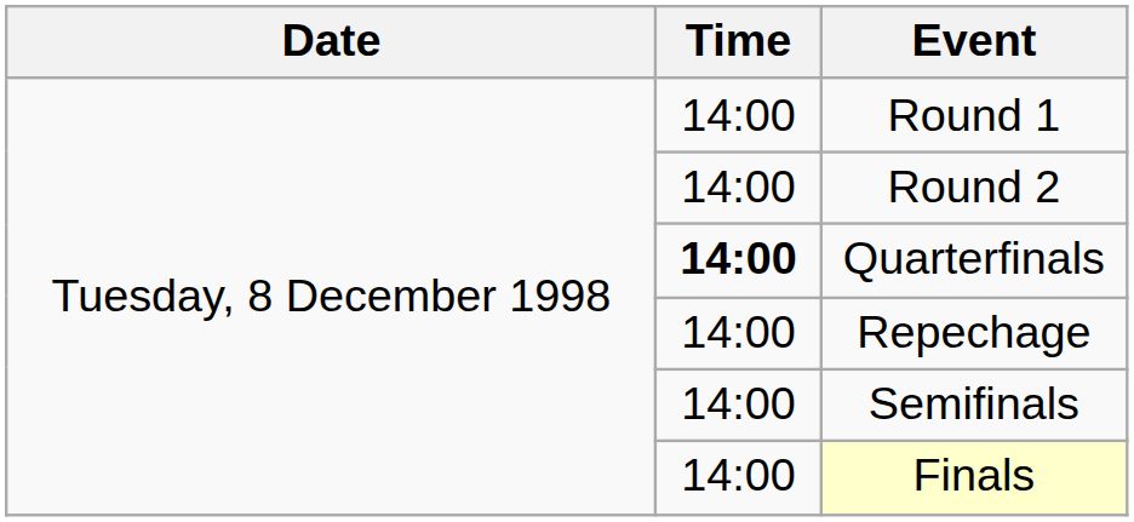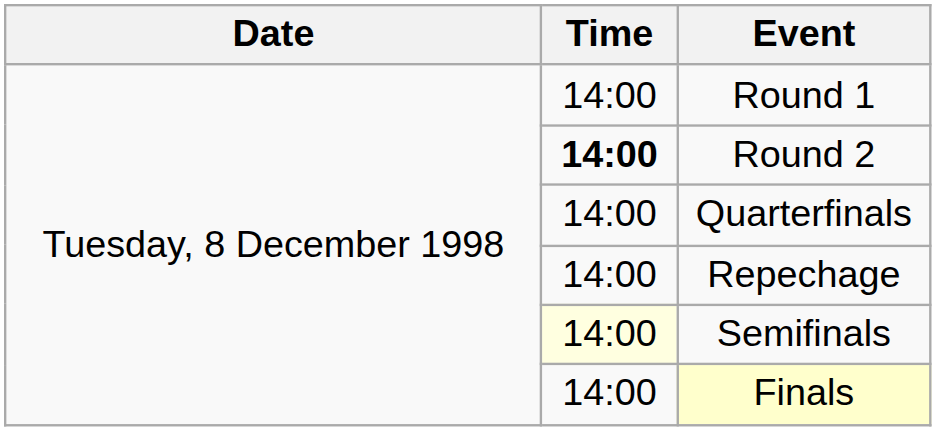 <table class = "wikitable" style="text-align:center;">
 <tr>
 <th width=220>Date</th>
 <th width=50>Time</th>
 <th width=100>Event</th>
 </tr>
 <tr>
 <td rowspan=6>Tuesday, 8 December 1998</td>
 <td>14:00</td>
 <td>Round 1</td>
 </tr>
 <tr>
-<td>14:00</td>
+<td><strong>14:00</strong></td>
 <td>Round 2</td>
 </tr>
 <tr>
-<td><strong>14:00</strong></td>
+<td>14:00</td>
 <td>Quarterfinals</td>
 </tr>
 <tr>
 <td>14:00</td>
 <td>Repechage</td>
 </tr>
 <tr>
-<td>14:00</td>
+<td style="background: lightyellow;">14:00</td>
 <td>Semifinals</td>
 </tr>
 <tr>
 <td>14:00</td>
 <td bgcolor=ffffcc>Finals</td>
 </tr>
 </table>
